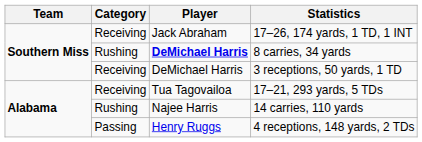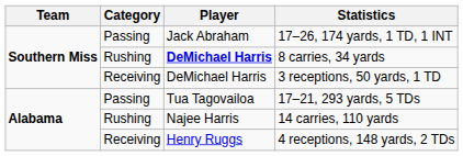 <table class="wikitable" style="float: right;">
 <tr>
 <th>Team</th>
 <th>Category</th>
 <th>Player</th>
 <th>Statistics</th>
 </tr>
 <tr>
 <td rowspan=3><strong>Southern Miss</strong></td>
-<td>Receiving</td>
+<td>Passing</td>
 <td>Jack Abraham</td>
 <td>17–26, 174 yards, 1 TD, 1 INT</td>
 </tr>
 <tr>
 <td>Rushing</td>
 <td><strong><a href='#'>DeMichael Harris</a></strong></td>
 <td>8 carries, 34 yards</td>
 </tr>
 <tr>
 <td>Receiving</td>
 <td>DeMichael Harris</td>
 <td>3 receptions, 50 yards, 1 TD</td>
 </tr>
 <tr>
 <td rowspan=3><strong>Alabama</strong></td>
-<td>Receiving</td>
+<td>Passing</td>
 <td>Tua Tagovailoa</td>
 <td>17–21, 293 yards, 5 TDs</td>
 </tr>
 <tr>
 <td>Rushing</td>
 <td>Najee Harris</td>
 <td>14 carries, 110 yards</td>
 </tr>
 <tr>
-<td>Passing</td>
+<td>Receiving</td>
 <td><a href='#'>Henry Ruggs</a></td>
 <td>4 receptions, 148 yards, 2 TDs</td>
 </tr>
 </table>
